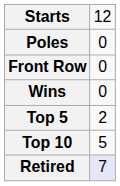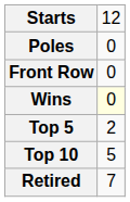 <table class="wikitable" style="text-align:center">
 <tr>
 <th>Starts</th>
 <td>12</td>
 </tr>
 <tr>
 <th>Poles</th>
 <td>0</td>
 </tr>
 <tr>
 <th>Front Row</th>
 <td>0</td>
 </tr>
 <tr>
 <th>Wins</th>
-<td>0</td>
+<td style="background: lightyellow;">0</td>
 </tr>
 <tr>
 <th>Top 5</th>
 <td>2</td>
 </tr>
 <tr>
 <th>Top 10</th>
 <td>5</td>
 </tr>
 <tr>
 <th>Retired</th>
-<td style="background: lavender;">7</td>
+<td>7</td>
 </tr>
 </table>
